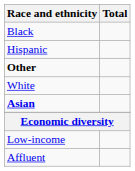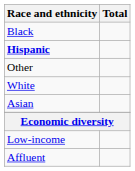 <table class="wikitable floatright sortable collapsible"; text-align:right; font-size:80%;">
 <tr>
 <th>Race and ethnicity</th>
 <th colspan="2" data-sort-type=number>Total</th>
 </tr>
 <tr>
 <td><a href='#'>Black</a></td>
 <td align=right></td>
 </tr>
 <tr>
-<td><a href='#'>Hispanic</a></td>
+<td><strong><a href='#'>Hispanic</a></strong></td>
 <td align=right></td>
 </tr>
 <tr>
-<td><strong>Other</strong></td>
+<td>Other</td>
 <td align=right></td>
 </tr>
 <tr>
 <td><a href='#'>White</a></td>
 <td align=right></td>
 </tr>
 <tr>
-<td><strong><a href='#'>Asian</a></strong></td>
+<td><a href='#'>Asian</a></td>
 <td align=right></td>
 </tr>
 <tr>
 </tr>
 <tr>
 <th colspan="4" data-sort-type=number><a href='#'>Economic diversity</a></th>
 </tr>
 <tr>
 <td><a href='#'>Low-income</a></td>
 <td align=right></td>
 </tr>
 <tr>
 <td><a href='#'>Affluent</a></td>
 <td align=right></td>
 </tr>
 </table>
